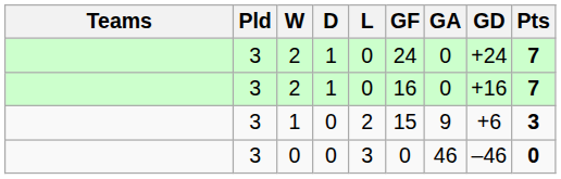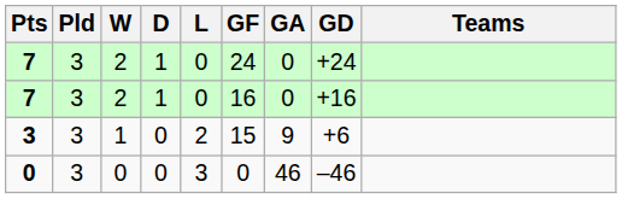 <table class="wikitable" style="text-align: center;">
 <tr>
-<th width=165>Teams</th>
+<th width=20>Pts</th>
 <th width=20>Pld</th>
 <th width=20>W</th>
 <th width=20>D</th>
 <th width=20>L</th>
 <th width=20>GF</th>
 <th width=20>GA</th>
 <th width=20>GD</th>
-<th width=20>Pts</th>
+<th width=165>Teams</th>
 </tr>
 <tr align=center style="background:#ccffcc;">
-<td style="text-align:left;"></td>
+<td><strong>7</strong></td>
 <td>3</td>
 <td>2</td>
 <td>1</td>
 <td>0</td>
 <td>24</td>
 <td>0</td>
 <td>+24</td>
-<td><strong>7</strong></td>
+<td style="text-align:left;"></td>
 </tr>
 <tr align=center style="background:#ccffcc;">
-<td style="text-align:left;"></td>
+<td><strong>7</strong></td>
 <td>3</td>
 <td>2</td>
 <td>1</td>
 <td>0</td>
 <td>16</td>
 <td>0</td>
 <td>+16</td>
-<td><strong>7</strong></td>
+<td style="text-align:left;"></td>
 </tr>
 <tr align=center>
-<td style="text-align:left;"></td>
+<td><strong>3</strong></td>
 <td>3</td>
 <td>1</td>
 <td>0</td>
 <td>2</td>
 <td>15</td>
 <td>9</td>
 <td>+6</td>
-<td><strong>3</strong></td>
+<td style="text-align:left;"></td>
 </tr>
 <tr align=center>
-<td style="text-align:left;"></td>
+<td><strong>0</strong></td>
 <td>3</td>
 <td>0</td>
 <td>0</td>
 <td>3</td>
 <td>0</td>
 <td>46</td>
 <td>–46</td>
-<td><strong>0</strong></td>
+<td style="text-align:left;"></td>
 </tr>
 </table>
